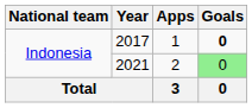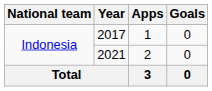 <table class="wikitable" style="text-align:center">
 <tr>
 <th>National team</th>
 <th>Year</th>
 <th>Apps</th>
 <th>Goals</th>
 </tr>
 <tr>
 <td rowspan="2"><a href='#'>Indonesia</a></td>
 <td>2017</td>
 <td>1</td>
-<td><strong>0</strong></td>
+<td>0</td>
 </tr>
 <tr>
 <td>2021</td>
 <td>2</td>
-<td style="background: lightgreen;">0</td>
+<td>0</td>
 </tr>
 <tr>
 <th colspan=2>Total</th>
 <th>3</th>
 <th>0</th>
 </tr>
 </table>
